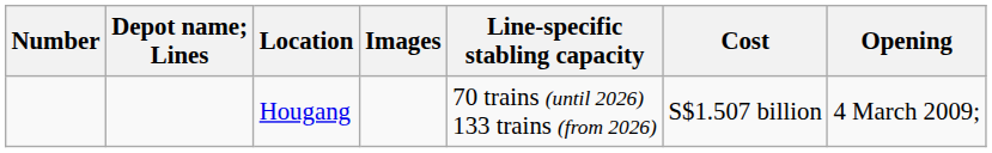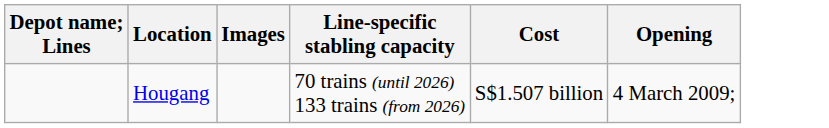 <table class="wikitable" style="color: black; border-collapse: collapse; font-size: 95%">
 <tr>
-<th scope="col" style="color: black; background:#">Number</th>
 <th scope="col" style="color: black; background:#">Depot name;<br>Lines</th>
 <th scope="col" style="color: black; background:#">Location</th>
 <th scope="col" style="color: black; background:#">Images</th>
 <th scope="col" style="color: black; background:#">Line-specific<br>stabling capacity</th>
 <th scope="col" style="color: black; background:#">Cost</th>
 <th scope="col" style="color: black; background:#">Opening</th>
 </tr>
 <tr>
-<td></td>
 <td> </td>
 <td><a href='#'>Hougang</a></td>
 <td></td>
 <td>70 trains <small><em>(until 2026)</em></small><br>133 trains <small><em>(from 2026)</em></small></td>
 <td>S$1.507 billion</td>
 <td style="text-align:center">4 March 2009;<br></td>
 </tr>
 </table>
